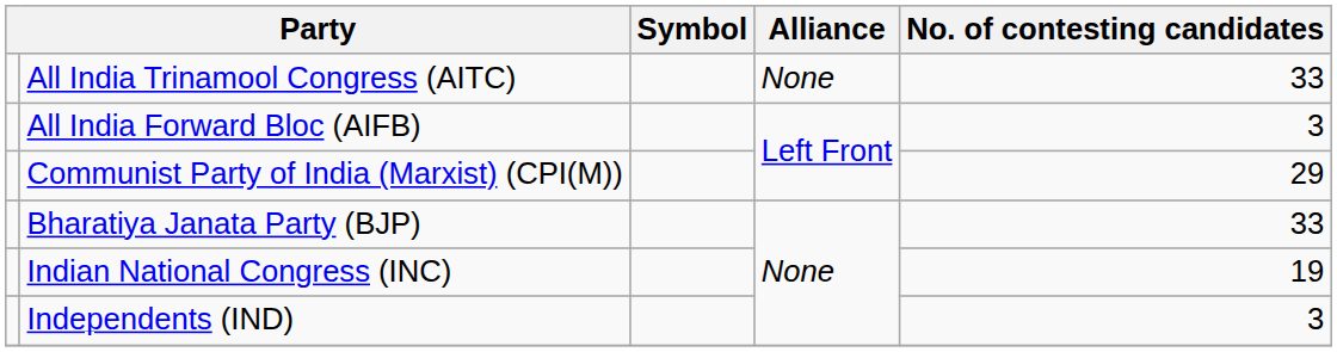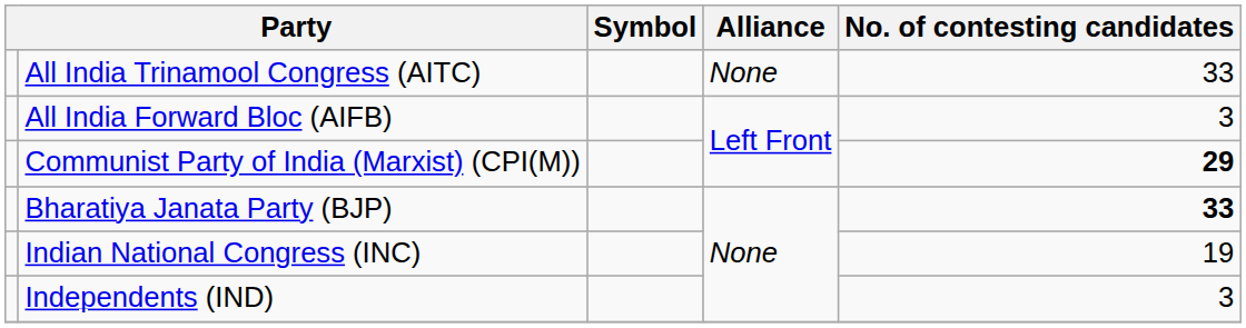 <table class="wikitable">
 <tr>
 <th colspan="2">Party</th>
 <th>Symbol</th>
 <th>Alliance</th>
 <th>No. of contesting candidates</th>
 </tr>
 <tr>
 <td></td>
 <td><a href='#'>All India Trinamool Congress</a> (AITC)</td>
 <td></td>
 <td><em>None</em></td>
 <td style="text-align:right">33</td>
 </tr>
 <tr>
 <td></td>
 <td><a href='#'>All India Forward Bloc</a> (AIFB)</td>
 <td></td>
 <td rowspan="2"><a href='#'>Left Front</a></td>
 <td style="text-align:right">3</td>
 </tr>
 <tr>
 <td></td>
 <td><a href='#'>Communist Party of India (Marxist)</a> (CPI(M))</td>
 <td></td>
-<td style="text-align:right">29</td>
+<td style="text-align:right"><strong>29</strong></td>
 </tr>
 <tr>
 <td></td>
 <td><a href='#'>Bharatiya Janata Party</a> (BJP)</td>
 <td></td>
 <td rowspan="3"><em>None</em></td>
-<td style="text-align:right">33</td>
+<td style="text-align:right"><strong>33</strong></td>
 </tr>
 <tr>
 <td></td>
 <td><a href='#'>Indian National Congress</a> (INC)</td>
 <td></td>
 <td style="text-align:right">19</td>
 </tr>
 <tr>
 <td></td>
 <td><a href='#'>Independents</a> (IND)</td>
 <td></td>
 <td style="text-align:right">3</td>
 </tr>
 <tr>
 </tr>
 </table>
